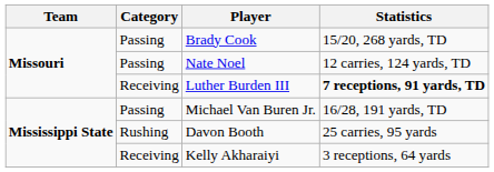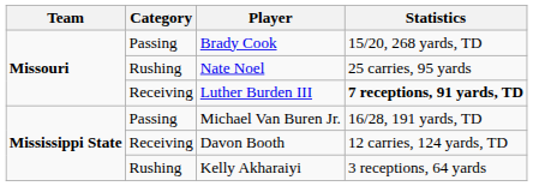 <table class="wikitable" style="float: right;">
 <tr>
 <th>Team</th>
 <th>Category</th>
 <th>Player</th>
 <th>Statistics</th>
 </tr>
 <tr>
 <td rowspan=3><strong>Missouri</strong></td>
 <td>Passing</td>
 <td><a href='#'>Brady Cook</a></td>
 <td>15/20, 268 yards, TD</td>
 </tr>
 <tr>
-<td>Passing</td>
+<td>Rushing</td>
 <td><a href='#'>Nate Noel</a></td>
-<td>12 carries, 124 yards, TD</td>
+<td>25 carries, 95 yards</td>
 </tr>
 <tr>
 <td>Receiving</td>
 <td><a href='#'>Luther Burden III</a></td>
 <td><strong>7 receptions, 91 yards, TD</strong></td>
 </tr>
 <tr>
 <td rowspan=3><strong>Mississippi State</strong></td>
 <td>Passing</td>
 <td>Michael Van Buren Jr.</td>
 <td>16/28, 191 yards, TD</td>
 </tr>
 <tr>
-<td>Rushing</td>
+<td>Receiving</td>
 <td>Davon Booth</td>
-<td>25 carries, 95 yards</td>
+<td>12 carries, 124 yards, TD</td>
 </tr>
 <tr>
-<td>Receiving</td>
+<td>Rushing</td>
 <td>Kelly Akharaiyi</td>
 <td>3 receptions, 64 yards</td>
 </tr>
 </table>
